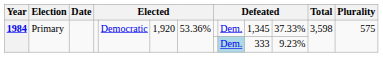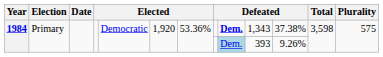 <table class=wikitable>
 <tr>
 <th>Year</th>
 <th>Election</th>
 <th>Date</th>
 <th ! colspan="4">Elected</th>
 <th ! colspan="4">Defeated</th>
 <th>Total</th>
 <th>Plurality</th>
 </tr>
 <tr>
 <th rowspan="2" valign="top"><a href='#'>1984</a></th>
 <td rowspan="2" valign="top">Primary</td>
 <td rowspan="2" valign="top"></td>
 <td rowspan="2" valign="top"></td>
 <td rowspan="2" valign="top" ><a href='#'>Democratic</a></td>
 <td rowspan="2" valign="top" align="right">1,920</td>
 <td rowspan="2" valign="top" align="right">53.36%</td>
 <td valign="top"></td>
-<td valign="top" ><a href='#'>Dem.</a></td>
-<td valign="top" align="right">1,345</td>
-<td valign="top" align="right">37.33%</td>
+<td valign="top" ><strong><a href='#'>Dem.</a></strong></td>
+<td valign="top" align="right">1,343</td>
+<td valign="top" align="right">37.38%</td>
 <td rowspan="2" valign="top" align="right">3,598</td>
 <td rowspan="2" valign="top" align="right">575</td>
 </tr>
 <tr>
 <td valign="top"></td>
 <td valign="top"  style="background: lightblue;"><a href='#'>Dem.</a></td>
-<td valign="top" align="right">333</td>
-<td valign="top" align="right">9.23%</td>
+<td valign="top" align="right">393</td>
+<td valign="top" align="right">9.26%</td>
 </tr>
 </table>
